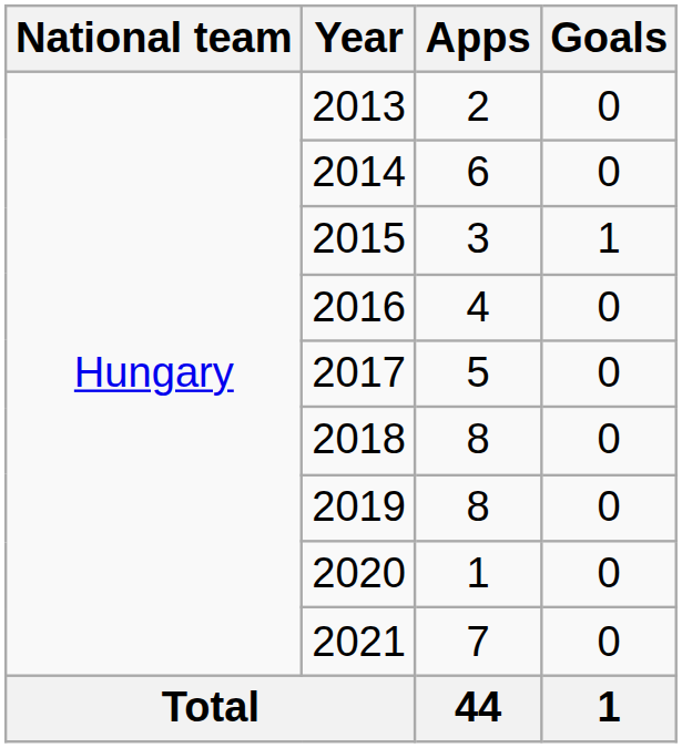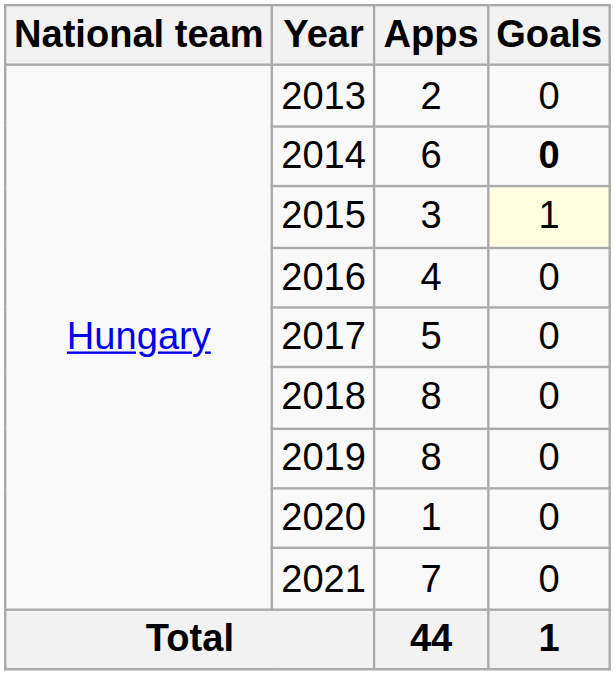 <table class="wikitable" style="text-align:center">
 <tr>
 <th>National team</th>
 <th>Year</th>
 <th>Apps</th>
 <th>Goals</th>
 </tr>
 <tr>
 <td rowspan="9"><a href='#'>Hungary</a></td>
 <td>2013</td>
 <td>2</td>
 <td>0</td>
 </tr>
 <tr>
 <td>2014</td>
 <td>6</td>
-<td>0</td>
+<td><strong>0</strong></td>
 </tr>
 <tr>
 <td>2015</td>
 <td>3</td>
-<td>1</td>
+<td style="background: lightyellow;">1</td>
 </tr>
 <tr>
 <td>2016</td>
 <td>4</td>
 <td>0</td>
 </tr>
 <tr>
 <td>2017</td>
 <td>5</td>
 <td>0</td>
 </tr>
 <tr>
 <td>2018</td>
 <td>8</td>
 <td>0</td>
 </tr>
 <tr>
 <td>2019</td>
 <td>8</td>
 <td>0</td>
 </tr>
 <tr>
 <td>2020</td>
 <td>1</td>
 <td>0</td>
 </tr>
 <tr>
 <td>2021</td>
 <td>7</td>
 <td>0</td>
 </tr>
 <tr>
 <th colspan="2">Total</th>
 <th>44</th>
 <th>1</th>
 </tr>
 </table>
